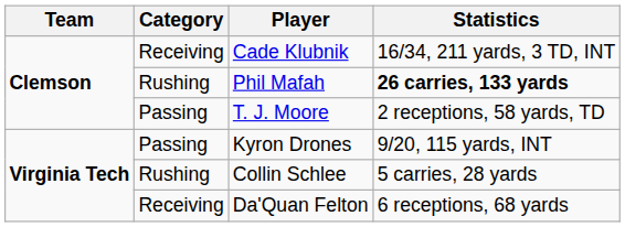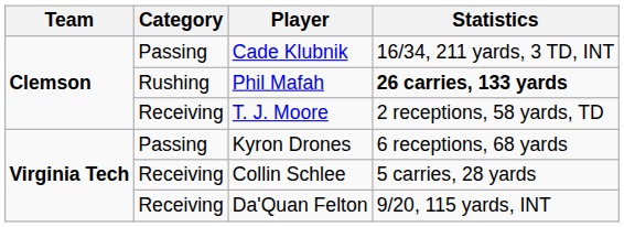 <table class="wikitable" style="float: right;">
 <tr>
 <th>Team</th>
 <th>Category</th>
 <th>Player</th>
 <th>Statistics</th>
 </tr>
 <tr>
 <td rowspan=3><strong>Clemson</strong></td>
-<td>Receiving</td>
+<td>Passing</td>
 <td><a href='#'>Cade Klubnik</a></td>
 <td>16/34, 211 yards, 3 TD, INT</td>
 </tr>
 <tr>
 <td>Rushing</td>
 <td><a href='#'>Phil Mafah</a></td>
 <td><strong>26 carries, 133 yards</strong></td>
 </tr>
 <tr>
-<td>Passing</td>
+<td>Receiving</td>
 <td><a href='#'>T. J. Moore</a></td>
 <td>2 receptions, 58 yards, TD</td>
 </tr>
 <tr>
 <td rowspan=3><strong>Virginia Tech</strong></td>
 <td>Passing</td>
 <td>Kyron Drones</td>
-<td>9/20, 115 yards, INT</td>
+<td>6 receptions, 68 yards</td>
 </tr>
 <tr>
-<td>Rushing</td>
+<td>Receiving</td>
 <td>Collin Schlee</td>
 <td>5 carries, 28 yards</td>
 </tr>
 <tr>
 <td>Receiving</td>
 <td>Da'Quan Felton</td>
-<td>6 receptions, 68 yards</td>
+<td>9/20, 115 yards, INT</td>
 </tr>
 </table>
